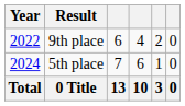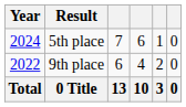 <table class="wikitable" style="text-align: center;">
 <tr>
 <th>Year</th>
 <th>Result</th>
 <th></th>
 <th></th>
 <th></th>
 <th></th>
 </tr>
 <tr>
+<td> <a href='#'>2024</a></td>
+<td>5th place</td>
+<td>7</td>
+<td>6</td>
+<td>1</td>
+<td>0</td>
+</tr>
+<tr>
 <td> <a href='#'>2022</a></td>
 <td>9th place</td>
 <td>6</td>
 <td>4</td>
 <td>2</td>
-<td>0</td>
-</tr>
-<tr>
-<td> <a href='#'>2024</a></td>
-<td>5th place</td>
-<td>7</td>
-<td>6</td>
-<td>1</td>
 <td>0</td>
 </tr>
 <tr>
 <th>Total</th>
 <th>0 Title</th>
 <th>13</th>
 <th>10</th>
 <th>3</th>
 <th>0</th>
 </tr>
 </table>
